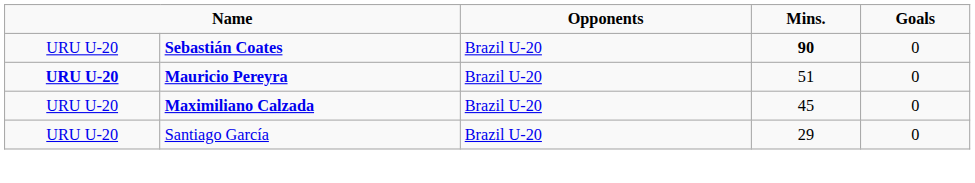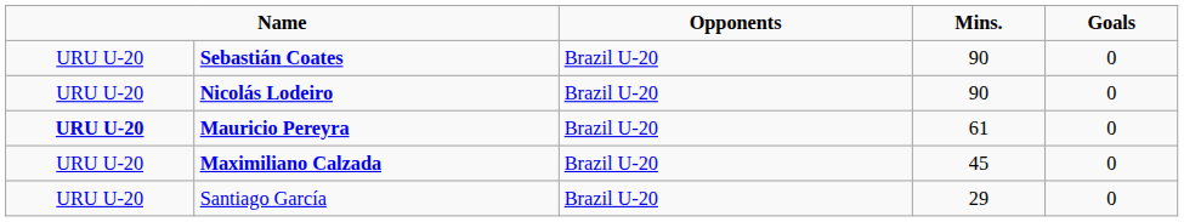 <table class= width=90% border="2" cellpadding="4" cellspacing="0" style="text-align=center: 1em 1em 1em 0; background: #f9f9f9; border: 1px #aaa solid; border-collapse: collapse; font-size: 95%;">
 <tr>
 <th width=25% colspan=2>Name</th>
 <th width=16%>Opponents</th>
 <th width=6%>Mins.</th>
 <th width=6%>Goals</th>
 </tr>
 <tr>
 <td align=center> <a href='#'>URU U-20</a></td>
 <td><strong><a href='#'>Sebastián Coates</a></strong></td>
 <td> <a href='#'>Brazil U-20</a></td>
-<td align=center><strong>90</strong></td>
+<td align=center>90</td>
+<td align=center>0</td>
+</tr>
+<tr>
+<td align=center> <a href='#'>URU U-20</a></td>
+<td><strong><a href='#'>Nicolás Lodeiro</a></strong></td>
+<td> <a href='#'>Brazil U-20</a></td>
+<td align=center>90</td>
 <td align=center>0</td>
 </tr>
 <tr>
 <td align=center><strong> <a href='#'>URU U-20</a></strong></td>
 <td><strong><a href='#'>Mauricio Pereyra</a></strong></td>
 <td> <a href='#'>Brazil U-20</a></td>
-<td align=center>51</td>
+<td align=center>61</td>
 <td align=center>0</td>
 </tr>
 <tr>
 <td align=center> <a href='#'>URU U-20</a></td>
 <td><strong><a href='#'>Maximiliano Calzada</a></strong></td>
 <td> <a href='#'>Brazil U-20</a></td>
 <td align=center>45</td>
 <td align=center>0</td>
 </tr>
 <tr>
 <td align=center> <a href='#'>URU U-20</a></td>
 <td><a href='#'>Santiago García</a></td>
 <td> <a href='#'>Brazil U-20</a></td>
 <td align=center>29</td>
 <td align=center>0</td>
 </tr>
 </table>
